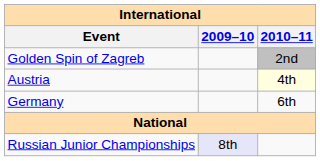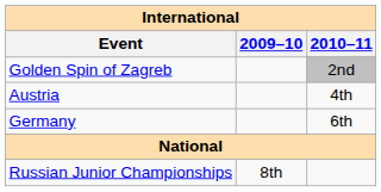 <table class="wikitable" style="text-align:center">
 <tr>
 <th style="background-color: #ffdead; " colspan=3 align=center>International</th>
 </tr>
 <tr>
 <th>Event</th>
 <th><a href='#'>2009–10</a></th>
 <th><a href='#'>2010–11</a></th>
 </tr>
 <tr>
 <td align=left><a href='#'>Golden Spin of Zagreb</a></td>
 <td></td>
 <td bgcolor=silver>2nd</td>
 </tr>
 <tr>
 <td align=left> <a href='#'>Austria</a></td>
 <td></td>
-<td style="background: lightyellow;">4th</td>
+<td>4th</td>
 </tr>
 <tr>
 <td align=left> <a href='#'>Germany</a></td>
 <td></td>
 <td>6th</td>
 </tr>
 <tr>
 <th style="background-color: #ffdead; " colspan=3 align=center>National</th>
 </tr>
 <tr>
 <td align=left><a href='#'>Russian Junior Championships</a></td>
-<td style="background: lavender;">8th</td>
+<td>8th</td>
 <td></td>
 </tr>
 </table>
